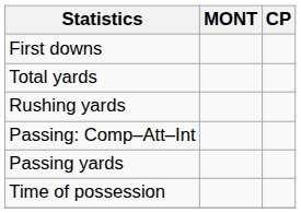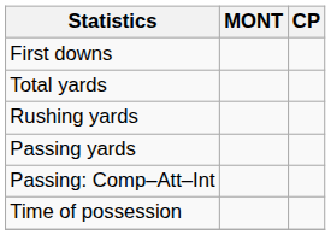 <table class="wikitable" style="float: left;">
 <tr>
 <th>Statistics</th>
 <th>MONT</th>
 <th>CP</th>
 </tr>
 <tr>
 <td>First downs</td>
 <td></td>
 <td></td>
 </tr>
 <tr>
 <td>Total yards</td>
 <td></td>
 <td></td>
 </tr>
 <tr>
 <td>Rushing yards</td>
 <td></td>
 <td></td>
 </tr>
 <tr>
-<td>Passing: Comp–Att–Int</td>
+<td>Passing yards</td>
 <td></td>
 <td></td>
 </tr>
 <tr>
-<td>Passing yards</td>
+<td>Passing: Comp–Att–Int</td>
 <td></td>
 <td></td>
 </tr>
 <tr>
 <td>Time of possession</td>
 <td></td>
 <td></td>
 </tr>
 <tr>
 </tr>
 </table>
